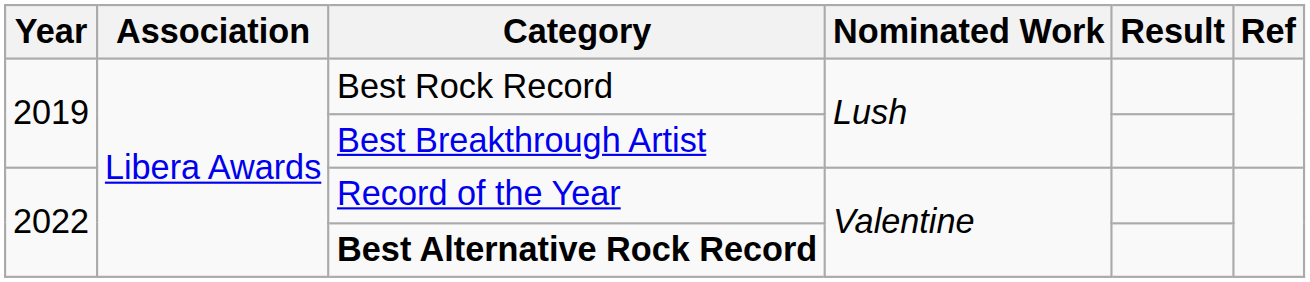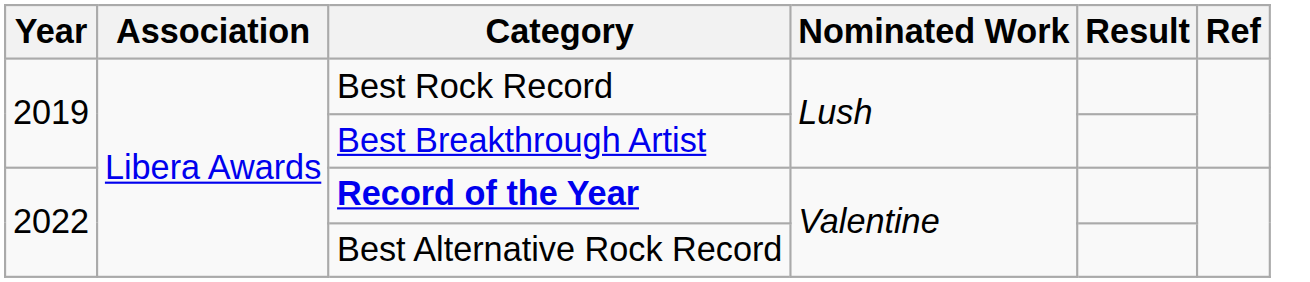 <table class="wikitable">
 <tr>
 <th>Year</th>
 <th>Association</th>
 <th>Category</th>
 <th>Nominated Work</th>
 <th>Result</th>
 <th>Ref</th>
 </tr>
 <tr>
 <td rowspan="2">2019</td>
 <td rowspan="4"><a href='#'>Libera Awards</a></td>
 <td>Best Rock Record</td>
 <td rowspan="2"><em>Lush</em></td>
 <td></td>
 <td rowspan="2"></td>
 </tr>
 <tr>
 <td><a href='#'>Best Breakthrough Artist</a></td>
 <td></td>
 </tr>
 <tr>
 <td rowspan="2">2022</td>
-<td><a href='#'>Record of the Year</a></td>
+<td><strong><a href='#'>Record of the Year</a></strong></td>
 <td rowspan="2"><em>Valentine</em></td>
 <td></td>
 <td rowspan="2"></td>
 </tr>
 <tr>
-<td><strong>Best Alternative Rock Record</strong></td>
+<td>Best Alternative Rock Record</td>
 <td></td>
 </tr>
 </table>
